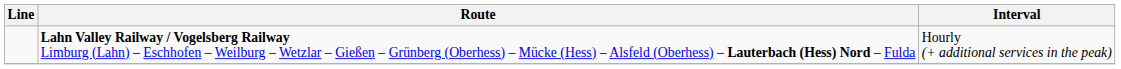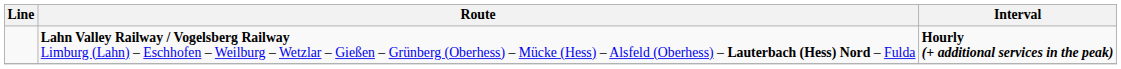 <table class="wikitable">
 <tr>
 <th>Line</th>
 <th>Route</th>
 <th>Interval</th>
 </tr>
 <tr>
 <td></td>
 <td><strong>Lahn Valley Railway / Vogelsberg Railway</strong><br><a href='#'>Limburg (Lahn)</a> – <a href='#'>Eschhofen</a> – <a href='#'>Weilburg</a> – <a href='#'>Wetzlar</a> – <a href='#'>Gießen</a> – <a href='#'>Grünberg (Oberhess)</a> – <a href='#'>Mücke (Hess)</a> – <a href='#'>Alsfeld (Oberhess)</a>  – <strong>Lauterbach (Hess) Nord</strong> – <a href='#'>Fulda</a></td>
-<td>Hourly<br> <em>(+ additional services in the peak)</em></td>
+<td><strong>Hourly<br> <em>(+ additional services in the peak)</em></strong></td>
 </tr>
 <tr>
 </tr>
 </table>
